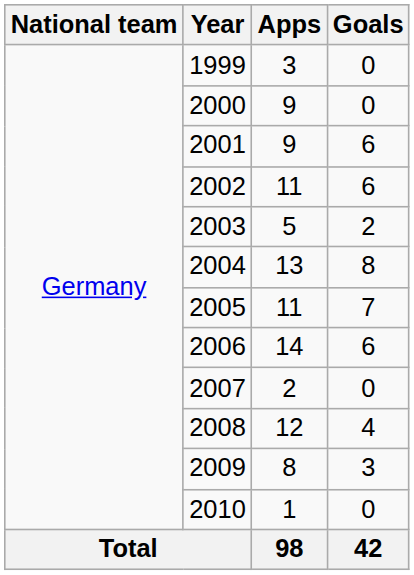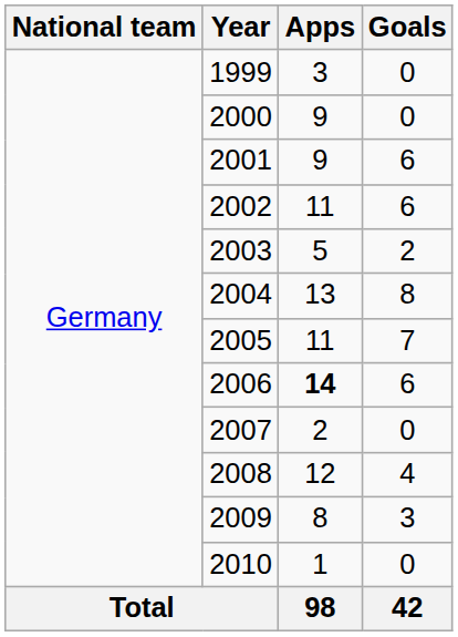 <table class="wikitable" style="text-align:center">
 <tr>
 <th>National team</th>
 <th>Year</th>
 <th>Apps</th>
 <th>Goals</th>
 </tr>
 <tr>
 <td rowspan="12"><a href='#'>Germany</a></td>
 <td>1999</td>
 <td>3</td>
 <td>0</td>
 </tr>
 <tr>
 <td>2000</td>
 <td>9</td>
 <td>0</td>
 </tr>
 <tr>
 <td>2001</td>
 <td>9</td>
 <td>6</td>
 </tr>
 <tr>
 <td>2002</td>
 <td>11</td>
 <td>6</td>
 </tr>
 <tr>
 <td>2003</td>
 <td>5</td>
 <td>2</td>
 </tr>
 <tr>
 <td>2004</td>
 <td>13</td>
 <td>8</td>
 </tr>
 <tr>
 <td>2005</td>
 <td>11</td>
 <td>7</td>
 </tr>
 <tr>
 <td>2006</td>
-<td>14</td>
+<td><strong>14</strong></td>
 <td>6</td>
 </tr>
 <tr>
 <td>2007</td>
 <td>2</td>
 <td>0</td>
 </tr>
 <tr>
 <td>2008</td>
 <td>12</td>
 <td>4</td>
 </tr>
 <tr>
 <td>2009</td>
 <td>8</td>
 <td>3</td>
 </tr>
 <tr>
 <td>2010</td>
 <td>1</td>
 <td>0</td>
 </tr>
 <tr>
 <th colspan="2">Total</th>
 <th>98</th>
 <th>42</th>
 </tr>
 </table>
